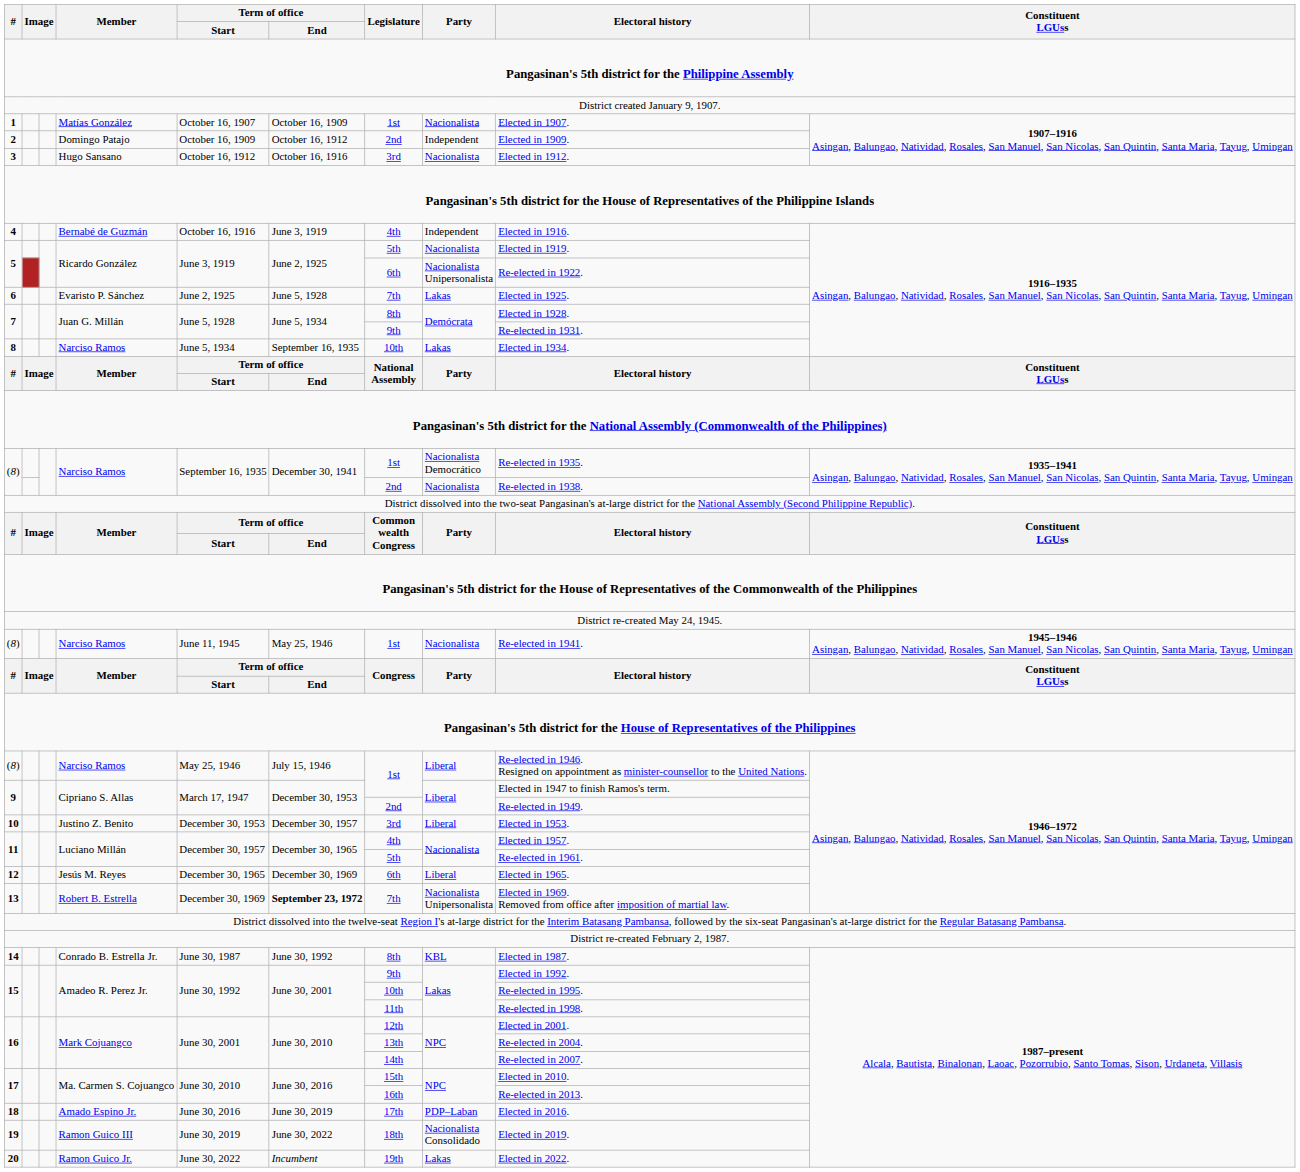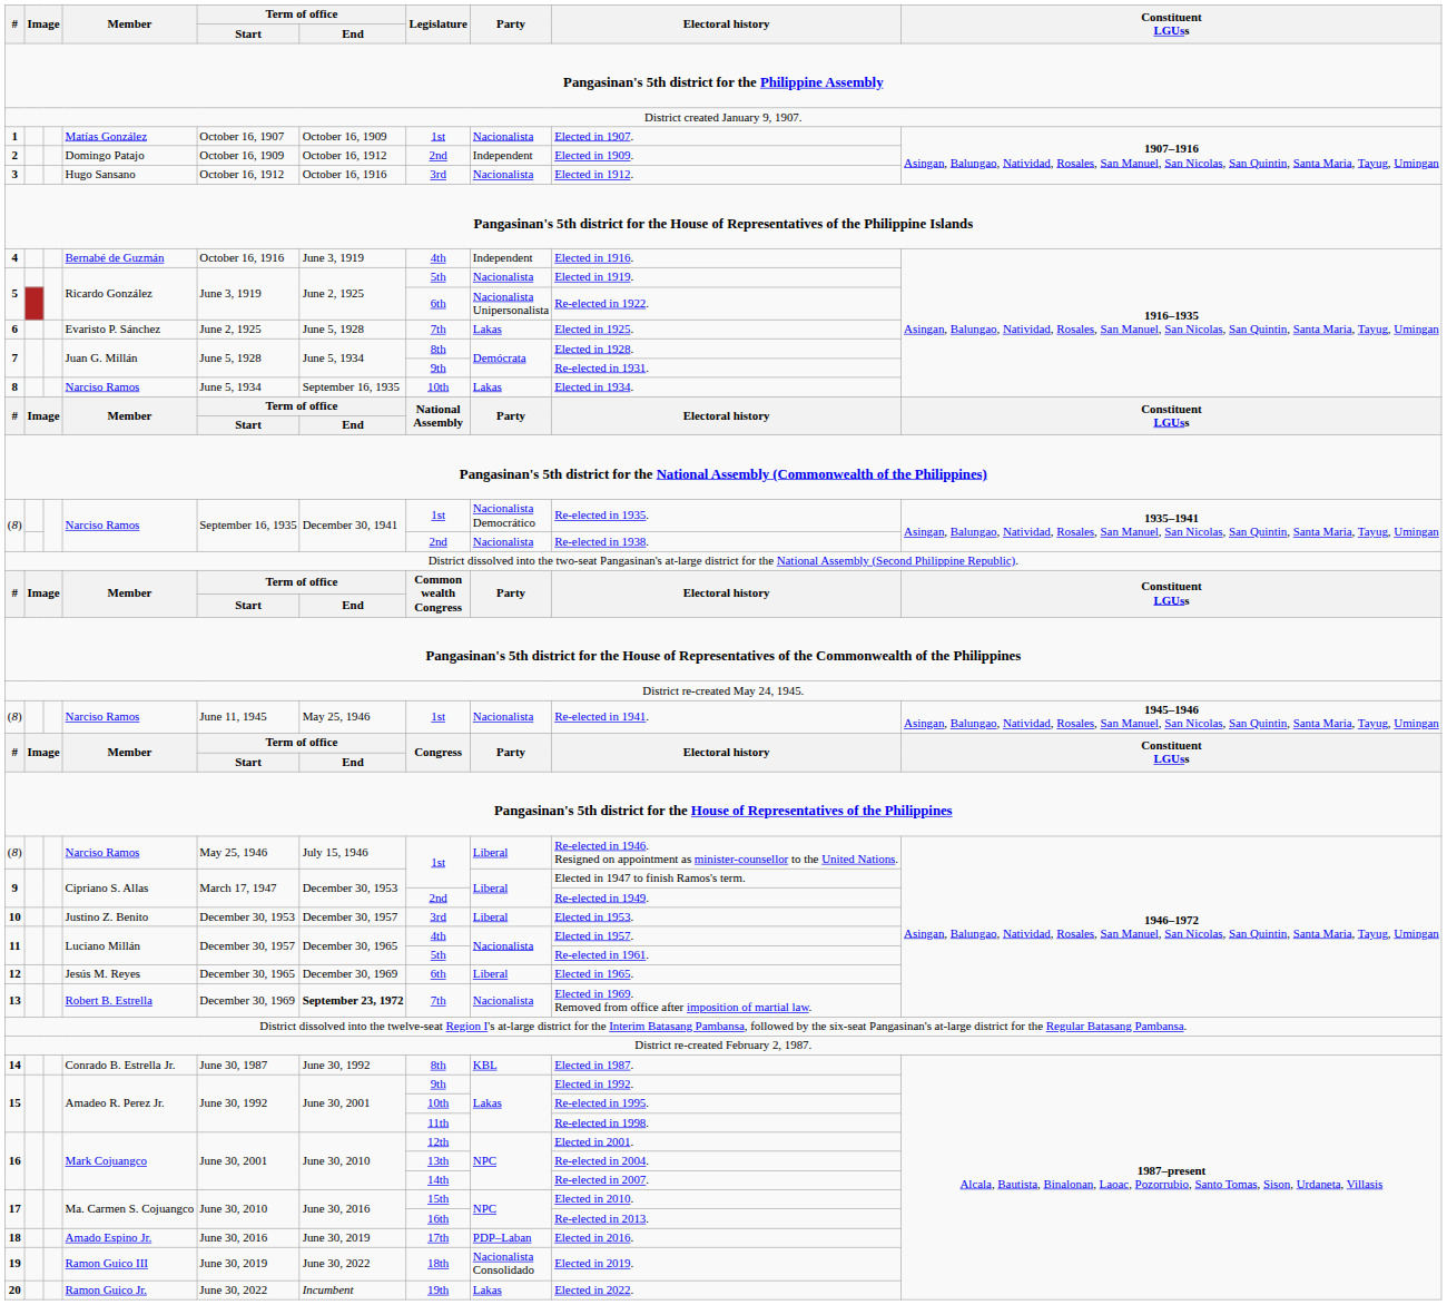 <table class=wikitable>
 <tr>
 <th rowspan="2">#</th>
 <th rowspan="2" colspan=2>Image</th>
 <th rowspan="2">Member</th>
 <th colspan=2>Term of office</th>
 <th rowspan="2">Legislature</th>
 <th rowspan="2">Party</th>
 <th rowspan="2">Electoral history</th>
 <th rowspan="2">Constituent<br><a href='#'>LGUs</a>s</th>
 </tr>
 <tr>
 <th>Start</th>
 <th>End</th>
 </tr>
 <tr>
 <td colspan="10" style="text-align:center;"><br><h3>Pangasinan's 5th district for the <a href='#'>Philippine Assembly</a></h3></td>
 </tr>
 <tr>
 <td colspan="10" style="text-align:center;">District created January 9, 1907.</td>
 </tr>
 <tr>
 <td style="text-align:center;"><strong>1</strong></td>
 <td style="color:inherit;background:"></td>
 <td></td>
 <td><a href='#'>Matías González</a></td>
 <td>October 16, 1907</td>
 <td>October 16, 1909</td>
 <td style="text-align:center;"><a href='#'>1st</a></td>
 <td><a href='#'>Nacionalista</a></td>
 <td><a href='#'>Elected in 1907</a>.</td>
 <td rowspan="3" style="text-align:center;"><strong>1907–1916</strong><br><a href='#'>Asingan</a>, <a href='#'>Balungao</a>, <a href='#'>Natividad</a>, <a href='#'>Rosales</a>, <a href='#'>San Manuel</a>, <a href='#'>San Nicolas</a>, <a href='#'>San Quintin</a>, <a href='#'>Santa Maria</a>, <a href='#'>Tayug</a>, <a href='#'>Umingan</a></td>
 </tr>
 <tr>
 <td style="text-align:center;"><strong>2</strong></td>
 <td style="color:inherit;background:"></td>
 <td></td>
 <td>Domingo Patajo</td>
 <td>October 16, 1909</td>
 <td>October 16, 1912</td>
 <td style="text-align:center;"><a href='#'>2nd</a></td>
 <td>Independent</td>
 <td><a href='#'>Elected in 1909</a>.</td>
 </tr>
 <tr>
 <td style="text-align:center;"><strong>3</strong></td>
 <td style="color:inherit;background:"></td>
 <td></td>
 <td>Hugo Sansano</td>
 <td>October 16, 1912</td>
 <td>October 16, 1916</td>
 <td style="text-align:center;"><a href='#'>3rd</a></td>
 <td><a href='#'>Nacionalista</a></td>
 <td><a href='#'>Elected in 1912</a>.</td>
 </tr>
 <tr>
 <td colspan="10" style="text-align:center;"><br><h3>Pangasinan's 5th district for the House of Representatives of the Philippine Islands</h3></td>
 </tr>
 <tr>
 <td style="text-align:center;"><strong>4</strong></td>
 <td style="color:inherit;background:"></td>
 <td></td>
 <td><a href='#'>Bernabé de Guzmán</a></td>
 <td>October 16, 1916</td>
 <td>June 3, 1919</td>
 <td style="text-align:center;"><a href='#'>4th</a></td>
 <td>Independent</td>
 <td><a href='#'>Elected in 1916</a>.</td>
 <td rowspan="7" style="text-align:center;"><strong>1916–1935</strong><br><a href='#'>Asingan</a>, <a href='#'>Balungao</a>, <a href='#'>Natividad</a>, <a href='#'>Rosales</a>, <a href='#'>San Manuel</a>, <a href='#'>San Nicolas</a>, <a href='#'>San Quintin</a>, <a href='#'>Santa Maria</a>, <a href='#'>Tayug</a>, <a href='#'>Umingan</a></td>
 </tr>
 <tr>
 <td rowspan="2" style="text-align:center;"><strong>5</strong></td>
 <td style="color:inherit;background:"></td>
 <td rowspan="2"></td>
 <td rowspan="2">Ricardo González</td>
 <td rowspan="2">June 3, 1919</td>
 <td rowspan="2">June 2, 1925</td>
 <td style="text-align:center;"><a href='#'>5th</a></td>
 <td><a href='#'>Nacionalista</a></td>
 <td><a href='#'>Elected in 1919</a>.</td>
 </tr>
 <tr>
 <td style="background-color:#B22222"></td>
 <td style="text-align:center;"><a href='#'>6th</a></td>
 <td><a href='#'>Nacionalista</a><br>Unipersonalista</td>
 <td><a href='#'>Re-elected in 1922</a>.</td>
 </tr>
 <tr>
 <td style="text-align:center;"><strong>6</strong></td>
 <td style="color:inherit;background:"></td>
 <td></td>
 <td>Evaristo P. Sánchez</td>
 <td>June 2, 1925</td>
 <td>June 5, 1928</td>
 <td style="text-align:center;"><a href='#'>7th</a></td>
 <td><a href='#'>Lakas</a></td>
 <td><a href='#'>Elected in 1925</a>.</td>
 </tr>
 <tr>
 <td rowspan="2" style="text-align:center;"><strong>7</strong></td>
 <td rowspan="2" style="color:inherit;background:"></td>
 <td rowspan="2"></td>
 <td rowspan="2">Juan G. Millán</td>
 <td rowspan="2">June 5, 1928</td>
 <td rowspan="2">June 5, 1934</td>
 <td style="text-align:center;"><a href='#'>8th</a></td>
 <td rowspan="2"><a href='#'>Demócrata</a></td>
 <td><a href='#'>Elected in 1928</a>.</td>
 </tr>
 <tr>
 <td style="text-align:center;"><a href='#'>9th</a></td>
 <td><a href='#'>Re-elected in 1931</a>.</td>
 </tr>
 <tr>
 <td style="text-align:center;"><strong>8</strong></td>
 <td style="color:inherit;background:"></td>
 <td></td>
 <td><a href='#'>Narciso Ramos</a></td>
 <td>June 5, 1934</td>
 <td>September 16, 1935</td>
 <td style="text-align:center;"><a href='#'>10th</a></td>
 <td><a href='#'>Lakas</a></td>
 <td><a href='#'>Elected in 1934</a>.</td>
 </tr>
 <tr>
 <th rowspan="2">#</th>
 <th rowspan="2" colspan=2>Image</th>
 <th rowspan="2">Member</th>
 <th colspan=2>Term of office</th>
 <th rowspan="2">National<br>Assembly</th>
 <th rowspan="2">Party</th>
 <th rowspan="2">Electoral history</th>
 <th rowspan="2">Constituent<br><a href='#'>LGUs</a>s</th>
 </tr>
 <tr>
 <th>Start</th>
 <th>End</th>
 </tr>
 <tr>
 <td colspan="10" style="text-align:center;"><br><h3>Pangasinan's 5th district for the <a href='#'>National Assembly (Commonwealth of the Philippines)</a></h3></td>
 </tr>
 <tr>
 <td rowspan="2" style="text-align:center;">(<em>8</em>)</td>
 <td style="color:inherit;background:"></td>
 <td rowspan="2"></td>
 <td rowspan="2"><a href='#'>Narciso Ramos</a></td>
 <td rowspan="2">September 16, 1935</td>
 <td rowspan="2">December 30, 1941</td>
 <td style="text-align:center;"><a href='#'>1st</a></td>
 <td><a href='#'>Nacionalista</a><br>Democrático</td>
 <td><a href='#'>Re-elected in 1935</a>.</td>
 <td rowspan="2" style="text-align:center;"><strong>1935–1941</strong><br><a href='#'>Asingan</a>, <a href='#'>Balungao</a>, <a href='#'>Natividad</a>, <a href='#'>Rosales</a>, <a href='#'>San Manuel</a>, <a href='#'>San Nicolas</a>, <a href='#'>San Quintin</a>, <a href='#'>Santa Maria</a>, <a href='#'>Tayug</a>, <a href='#'>Umingan</a></td>
 </tr>
 <tr>
 <td style="color:inherit;background:"></td>
 <td style="text-align:center;"><a href='#'>2nd</a></td>
 <td><a href='#'>Nacionalista</a></td>
 <td><a href='#'>Re-elected in 1938</a>.</td>
 </tr>
 <tr>
 <td colspan="10" style="text-align:center;">District dissolved into the two-seat Pangasinan's at-large district for the <a href='#'>National Assembly (Second Philippine Republic)</a>.</td>
 </tr>
 <tr>
 <th rowspan="2">#</th>
 <th rowspan="2" colspan=2>Image</th>
 <th rowspan="2">Member</th>
 <th colspan=2>Term of office</th>
 <th rowspan="2">Common<br>wealth<br>Congress</th>
 <th rowspan="2">Party</th>
 <th rowspan="2">Electoral history</th>
 <th rowspan="2">Constituent<br><a href='#'>LGUs</a>s</th>
 </tr>
 <tr>
 <th>Start</th>
 <th>End</th>
 </tr>
 <tr>
 <td colspan="10" style="text-align:center;"><br><h3>Pangasinan's 5th district for the House of Representatives of the Commonwealth of the Philippines</h3></td>
 </tr>
 <tr>
 <td colspan="10" style="text-align:center;">District re-created May 24, 1945.</td>
 </tr>
 <tr>
 <td style="text-align:center;">(<em>8</em>)</td>
 <td style="color:inherit;background:"></td>
 <td></td>
 <td><a href='#'>Narciso Ramos</a></td>
 <td>June 11, 1945</td>
 <td>May 25, 1946</td>
 <td style="text-align:center;"><a href='#'>1st</a></td>
 <td><a href='#'>Nacionalista</a></td>
 <td><a href='#'>Re-elected in 1941</a>.</td>
 <td style="text-align:center;"><strong>1945–1946</strong><br><a href='#'>Asingan</a>, <a href='#'>Balungao</a>, <a href='#'>Natividad</a>, <a href='#'>Rosales</a>, <a href='#'>San Manuel</a>, <a href='#'>San Nicolas</a>, <a href='#'>San Quintin</a>, <a href='#'>Santa Maria</a>, <a href='#'>Tayug</a>, <a href='#'>Umingan</a></td>
 </tr>
 <tr>
 <th rowspan="2">#</th>
 <th rowspan="2" colspan=2>Image</th>
 <th rowspan="2">Member</th>
 <th colspan=2>Term of office</th>
 <th rowspan="2">Congress</th>
 <th rowspan="2">Party</th>
 <th rowspan="2">Electoral history</th>
 <th rowspan="2">Constituent<br><a href='#'>LGUs</a>s</th>
 </tr>
 <tr>
 <th>Start</th>
 <th>End</th>
 </tr>
 <tr>
 <td colspan="10" style="text-align:center;"><br><h3>Pangasinan's 5th district for the <a href='#'>House of Representatives of the Philippines</a></h3></td>
 </tr>
 <tr>
 <td style="text-align:center;">(<em>8</em>)</td>
 <td style="color:inherit;background:"></td>
 <td></td>
 <td><a href='#'>Narciso Ramos</a></td>
 <td>May 25, 1946</td>
 <td>July 15, 1946</td>
 <td rowspan="2" style="text-align:center;"><a href='#'>1st</a></td>
 <td><a href='#'>Liberal</a></td>
 <td><a href='#'>Re-elected in 1946</a>.<br>Resigned on appointment as <a href='#'>minister-counsellor</a> to the <a href='#'>United Nations</a>.</td>
 <td rowspan="8" style="text-align:center;"><strong>1946–1972</strong><br><a href='#'>Asingan</a>, <a href='#'>Balungao</a>, <a href='#'>Natividad</a>, <a href='#'>Rosales</a>, <a href='#'>San Manuel</a>, <a href='#'>San Nicolas</a>, <a href='#'>San Quintin</a>, <a href='#'>Santa Maria</a>, <a href='#'>Tayug</a>, <a href='#'>Umingan</a></td>
 </tr>
 <tr>
 <td rowspan="2" style="text-align:center;"><strong>9</strong></td>
 <td rowspan="2" style="color:inherit;background:"></td>
 <td rowspan="2"></td>
 <td rowspan="2">Cipriano S. Allas</td>
 <td rowspan="2">March 17, 1947</td>
 <td rowspan="2">December 30, 1953</td>
 <td rowspan="2"><a href='#'>Liberal</a></td>
 <td>Elected in 1947 to finish Ramos's term.</td>
 </tr>
 <tr>
 <td style="text-align:center;"><a href='#'>2nd</a></td>
 <td><a href='#'>Re-elected in 1949</a>.</td>
 </tr>
 <tr>
 <td style="text-align:center;"><strong>10</strong></td>
 <td style="color:inherit;background:"></td>
 <td></td>
 <td>Justino Z. Benito</td>
 <td>December 30, 1953</td>
 <td>December 30, 1957</td>
 <td style="text-align:center;"><a href='#'>3rd</a></td>
 <td><a href='#'>Liberal</a></td>
 <td><a href='#'>Elected in 1953</a>.</td>
 </tr>
 <tr>
 <td rowspan="2" style="text-align:center;"><strong>11</strong></td>
 <td rowspan="2" style="color:inherit;background:"></td>
 <td rowspan="2"></td>
 <td rowspan="2">Luciano Millán</td>
 <td rowspan="2">December 30, 1957</td>
 <td rowspan="2">December 30, 1965</td>
 <td style="text-align:center;"><a href='#'>4th</a></td>
 <td rowspan="2"><a href='#'>Nacionalista</a></td>
 <td><a href='#'>Elected in 1957</a>.</td>
 </tr>
 <tr>
 <td style="text-align:center;"><a href='#'>5th</a></td>
 <td><a href='#'>Re-elected in 1961</a>.</td>
 </tr>
 <tr>
 <td style="text-align:center;"><strong>12</strong></td>
 <td style="color:inherit;background:"></td>
 <td></td>
 <td>Jesús M. Reyes</td>
 <td>December 30, 1965</td>
 <td>December 30, 1969</td>
 <td style="text-align:center;"><a href='#'>6th</a></td>
 <td><a href='#'>Liberal</a></td>
 <td><a href='#'>Elected in 1965</a>.</td>
 </tr>
 <tr>
 <td style="text-align:center;"><strong>13</strong></td>
 <td style="color:inherit;background:"></td>
 <td></td>
 <td><a href='#'>Robert B. Estrella</a></td>
 <td>December 30, 1969</td>
 <td><strong>September 23, 1972</strong></td>
 <td style="text-align:center;"><a href='#'>7th</a></td>
-<td><a href='#'>Nacionalista</a><br>Unipersonalista</td>
+<td><a href='#'>Nacionalista</a></td>
 <td><a href='#'>Elected in 1969</a>.<br>Removed from office after <a href='#'>imposition of martial law</a>.</td>
 </tr>
 <tr>
 <td colspan="10" style="text-align:center;">District dissolved into the twelve-seat <a href='#'>Region I</a>'s at-large district for the <a href='#'>Interim Batasang Pambansa</a>, followed by the six-seat Pangasinan's at-large district for the <a href='#'>Regular Batasang Pambansa</a>.</td>
 </tr>
 <tr>
 <td colspan="10" style="text-align:center;">District re-created February 2, 1987.</td>
 </tr>
 <tr>
 <td style="text-align:center;"><strong>14</strong></td>
 <td style="color:inherit;background:"></td>
 <td></td>
 <td>Conrado B. Estrella Jr.</td>
 <td>June 30, 1987</td>
 <td>June 30, 1992</td>
 <td style="text-align:center;"><a href='#'>8th</a></td>
 <td><a href='#'>KBL</a></td>
 <td><a href='#'>Elected in 1987</a>.</td>
 <td rowspan="12" style="text-align:center;"><strong>1987–present</strong><br><a href='#'>Alcala</a>, <a href='#'>Bautista</a>, <a href='#'>Binalonan</a>, <a href='#'>Laoac</a>, <a href='#'>Pozorrubio</a>, <a href='#'>Santo Tomas</a>, <a href='#'>Sison</a>, <a href='#'>Urdaneta</a>, <a href='#'>Villasis</a></td>
 </tr>
 <tr>
 <td rowspan="3" style="text-align:center;"><strong>15</strong></td>
 <td rowspan="3" style="color:inherit;background:"></td>
 <td rowspan="3"></td>
 <td rowspan="3">Amadeo R. Perez Jr.</td>
 <td rowspan="3">June 30, 1992</td>
 <td rowspan="3">June 30, 2001</td>
 <td style="text-align:center;"><a href='#'>9th</a></td>
 <td rowspan="3"><a href='#'>Lakas</a></td>
 <td><a href='#'>Elected in 1992</a>.</td>
 </tr>
 <tr>
 <td style="text-align:center;"><a href='#'>10th</a></td>
 <td><a href='#'>Re-elected in 1995</a>.</td>
 </tr>
 <tr>
 <td style="text-align:center;"><a href='#'>11th</a></td>
 <td><a href='#'>Re-elected in 1998</a>.</td>
 </tr>
 <tr>
 <td rowspan="3" style="text-align:center;"><strong>16</strong></td>
 <td rowspan="3" style="color:inherit;background:"></td>
 <td rowspan="3"></td>
 <td rowspan="3"><a href='#'>Mark Cojuangco</a></td>
 <td rowspan="3">June 30, 2001</td>
 <td rowspan="3">June 30, 2010</td>
 <td style="text-align:center;"><a href='#'>12th</a></td>
 <td rowspan="3"><a href='#'>NPC</a></td>
 <td><a href='#'>Elected in 2001</a>.</td>
 </tr>
 <tr>
 <td style="text-align:center;"><a href='#'>13th</a></td>
 <td><a href='#'>Re-elected in 2004</a>.</td>
 </tr>
 <tr>
 <td style="text-align:center;"><a href='#'>14th</a></td>
 <td><a href='#'>Re-elected in 2007</a>.</td>
 </tr>
 <tr>
 <td rowspan="2" style="text-align:center;"><strong>17</strong></td>
 <td rowspan="2" style="color:inherit;background:"></td>
 <td rowspan="2"></td>
 <td rowspan="2">Ma. Carmen S. Cojuangco</td>
 <td rowspan="2">June 30, 2010</td>
 <td rowspan="2">June 30, 2016</td>
 <td style="text-align:center;"><a href='#'>15th</a></td>
 <td rowspan="2"><a href='#'>NPC</a></td>
 <td><a href='#'>Elected in 2010</a>.</td>
 </tr>
 <tr>
 <td style="text-align:center;"><a href='#'>16th</a></td>
 <td><a href='#'>Re-elected in 2013</a>.</td>
 </tr>
 <tr>
 <td style="text-align:center;"><strong>18</strong></td>
 <td style="color:inherit;background:"></td>
 <td></td>
 <td><a href='#'>Amado Espino Jr.</a></td>
 <td>June 30, 2016</td>
 <td>June 30, 2019</td>
 <td style="text-align:center;"><a href='#'>17th</a></td>
 <td><a href='#'>PDP–Laban</a></td>
 <td><a href='#'>Elected in 2016</a>.</td>
 </tr>
 <tr>
 <td style="text-align:center;"><strong>19</strong></td>
 <td style="color:inherit;background:"></td>
 <td></td>
 <td><a href='#'>Ramon Guico III</a></td>
 <td>June 30, 2019</td>
 <td>June 30, 2022</td>
 <td style="text-align:center;"><a href='#'>18th</a></td>
 <td><a href='#'>Nacionalista</a><br>Consolidado</td>
 <td><a href='#'>Elected in 2019</a>.</td>
 </tr>
 <tr>
 <td style="text-align:center;"><strong>20</strong></td>
 <td style="color:inherit;background:"></td>
 <td></td>
 <td><a href='#'>Ramon Guico Jr.</a></td>
 <td>June 30, 2022</td>
 <td><em>Incumbent</td>
 <td style="text-align:center;"><a href='#'>19th</a></td>
 <td><a href='#'>Lakas</a></td>
 <td><a href='#'>Elected in 2022</a>.</td>
 </tr>
 </table>
